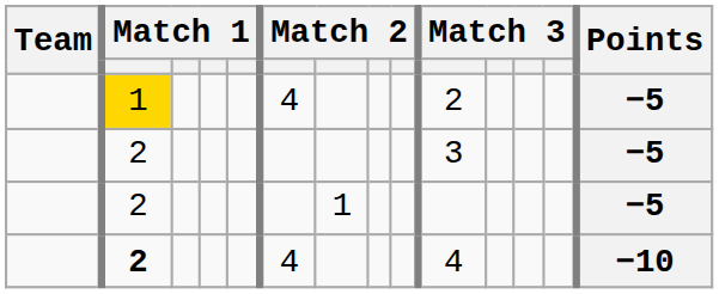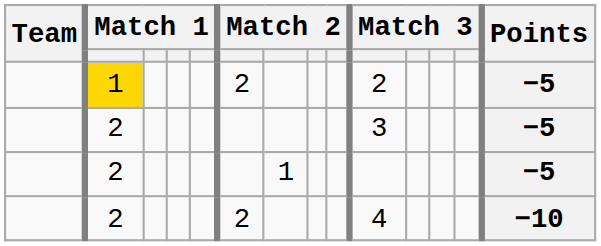 <table class="wikitable sortable" style="text-align:center">
 <tr>
 <th rowspan=2>Team</th>
 <th colspan=4 style="border-left:3px solid gray">Match 1</th>
 <th colspan=4 style="border-left:3px solid gray">Match 2</th>
 <th colspan=4 style="border-left:3px solid gray">Match 3</th>
 <th rowspan=2 style="border-left:3px solid gray">Points</th>
 </tr>
 <tr>
 <th style="border-left:3px solid gray"></th>
 <th></th>
 <th></th>
 <th></th>
 <th style="border-left:3px solid gray"></th>
 <th></th>
 <th></th>
 <th></th>
 <th style="border-left:3px solid gray"></th>
 <th></th>
 <th></th>
 <th></th>
 </tr>
 <tr>
 <td align=left></td>
 <td style="background: gold; border-left:3px solid gray">1</td>
 <td></td>
 <td></td>
 <td></td>
-<td style="border-left:3px solid gray">4</td>
+<td style="border-left:3px solid gray">2</td>
 <td></td>
 <td></td>
 <td></td>
 <td style="border-left:3px solid gray">2</td>
 <td></td>
 <td></td>
 <td></td>
 <th style="border-left:3px solid gray">−5</th>
 </tr>
 <tr>
 <td align=left></td>
 <td style="border-left:3px solid gray">2</td>
 <td></td>
 <td></td>
 <td></td>
 <td style="border-left:3px solid gray"></td>
 <td></td>
 <td></td>
 <td></td>
 <td style="border-left:3px solid gray">3</td>
 <td></td>
 <td></td>
 <td></td>
 <th style="border-left:3px solid gray">−5</th>
 </tr>
 <tr>
 <td align=left></td>
 <td style="border-left:3px solid gray">2</td>
 <td></td>
 <td></td>
 <td></td>
 <td style="border-left:3px solid gray"></td>
 <td>1</td>
 <td></td>
 <td></td>
 <td style="border-left:3px solid gray"></td>
 <td></td>
 <td></td>
 <td></td>
 <th style="border-left:3px solid gray">−5</th>
 </tr>
 <tr>
 <td align=left></td>
-<td style="border-left:3px solid gray"><strong>2</strong></td>
+<td style="border-left:3px solid gray">2</td>
 <td></td>
 <td></td>
 <td></td>
-<td style="border-left:3px solid gray">4</td>
+<td style="border-left:3px solid gray">2</td>
 <td></td>
 <td></td>
 <td></td>
 <td style="border-left:3px solid gray">4</td>
 <td></td>
 <td></td>
 <td></td>
 <th style="border-left:3px solid gray">−10</th>
 </tr>
 </table>
